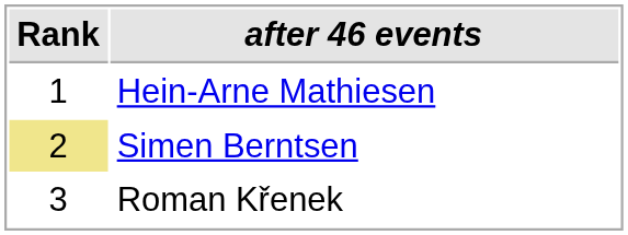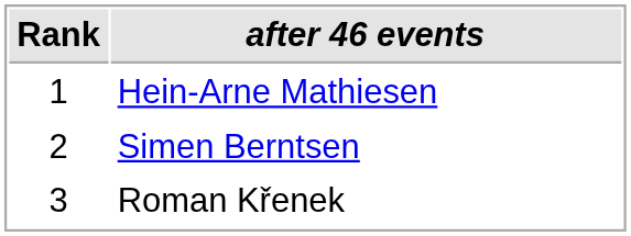 <table cellspacing="1" cellpadding="3" style="border:1px solid #AAAAAA;font-size:86%">
 <tr bgcolor="#E4E4E4">
 <th style="border-bottom:1px solid #AAAAAA" width=10>Rank</th>
 <th style="border-bottom:1px solid #AAAAAA" width=200><em>after 46 events</em></th>
 </tr>
 <tr>
 <td align=center>1</td>
 <td align=left> <a href='#'>Hein-Arne Mathiesen</a></td>
 </tr>
 <tr>
-<td align=center style="background: khaki;">2</td>
+<td align=center>2</td>
 <td align=left> <a href='#'>Simen Berntsen</a></td>
 </tr>
 <tr>
 <td align=center>3</td>
 <td align=left> Roman Křenek</td>
 </tr>
 </table>
